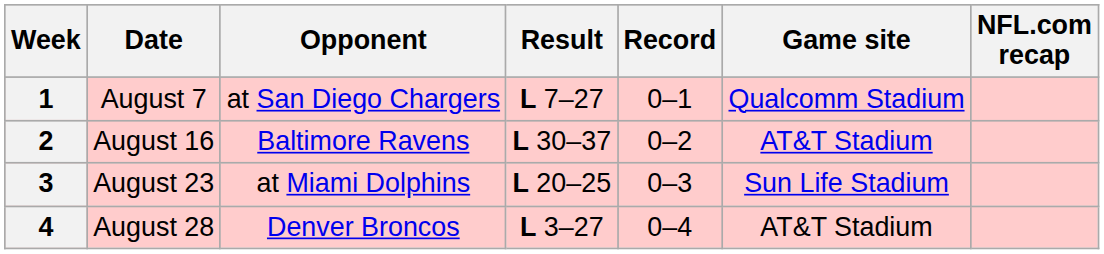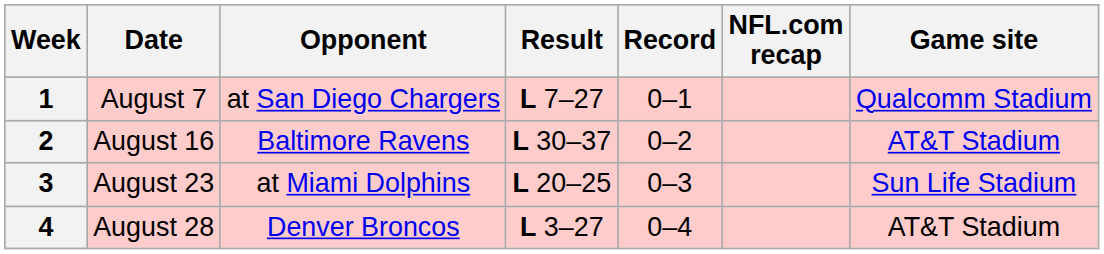 <table class="wikitable" style="text-align:center">
 <tr>
 <th>Week</th>
 <th>Date</th>
 <th>Opponent</th>
 <th>Result</th>
 <th>Record</th>
+<th>NFL.com<br>recap</th>
 <th>Game site</th>
-<th>NFL.com<br>recap</th>
 </tr>
 <tr style="background:#fcc; text-align:center;">
 <th>1</th>
 <td>August 7</td>
 <td>at <a href='#'>San Diego Chargers</a></td>
 <td><strong>L</strong> 7–27</td>
 <td>0–1</td>
+<td></td>
 <td><a href='#'>Qualcomm Stadium</a></td>
-<td></td>
 </tr>
 <tr style="background:#fcc; text-align:center;">
 <th>2</th>
 <td>August 16</td>
 <td><a href='#'>Baltimore Ravens</a></td>
 <td><strong>L</strong> 30–37</td>
 <td>0–2</td>
+<td></td>
 <td><a href='#'>AT&T Stadium</a></td>
-<td></td>
 </tr>
 <tr style="background:#fcc; text-align:center;">
 <th>3</th>
 <td>August 23</td>
 <td>at <a href='#'>Miami Dolphins</a></td>
 <td><strong>L</strong> 20–25</td>
 <td>0–3</td>
+<td></td>
 <td><a href='#'>Sun Life Stadium</a></td>
-<td></td>
 </tr>
 <tr style="background:#fcc; text-align:center;">
 <th>4</th>
 <td>August 28</td>
 <td><a href='#'>Denver Broncos</a></td>
 <td><strong>L</strong> 3–27</td>
 <td>0–4</td>
+<td></td>
 <td>AT&T Stadium</td>
-<td></td>
 </tr>
 </table>
